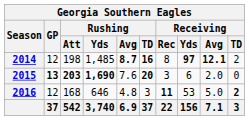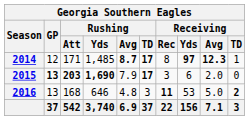 <table class="wikitable" style="text-align: center;">
 <tr>
 <th colspan="15">Georgia Southern Eagles</th>
 </tr>
 <tr>
 <th rowspan="2">Season</th>
 <th rowspan="2">GP</th>
 <th colspan="4">Rushing</th>
 <th colspan="4">Receiving</th>
 </tr>
 <tr>
 <th>Att</th>
 <th>Yds</th>
 <th>Avg</th>
 <th>TD</th>
 <th>Rec</th>
 <th>Yds</th>
 <th>Avg</th>
 <th>TD</th>
 </tr>
 <tr>
 <th><a href='#'>2014</a></th>
 <td>12</td>
-<td>198</td>
+<td>171</td>
 <td>1,485</td>
 <td><strong>8.7</strong></td>
-<td><strong>16</strong></td>
+<td><strong>17</strong></td>
 <td>8</td>
 <td><strong>97</strong></td>
-<td><strong>12.1</strong></td>
-<td>2</td>
+<td><strong>12.3</strong></td>
+<td>1</td>
 </tr>
 <tr>
 <th><a href='#'>2015</a></th>
 <td><strong>13</strong></td>
 <td><strong>203</strong></td>
 <td><strong>1,690</strong></td>
-<td>7.6</td>
-<td><strong>20</strong></td>
+<td>7.9</td>
+<td><strong>17</strong></td>
 <td>3</td>
 <td>6</td>
 <td>2.0</td>
 <td>0</td>
 </tr>
 <tr>
 <th><a href='#'>2016</a></th>
-<td>12</td>
+<td>13</td>
 <td>168</td>
 <td>646</td>
 <td>4.8</td>
 <td>3</td>
 <td><strong>11</strong></td>
 <td>53</td>
 <td>5.0</td>
 <td><strong>2</strong></td>
 </tr>
 <tr>
 <th></th>
 <th>37</th>
 <th>542</th>
 <th>3,740</th>
 <th>6.9</th>
 <th>37</th>
 <th>22</th>
 <th>156</th>
 <th>7.1</th>
 <th>3</th>
 </tr>
 </table>
